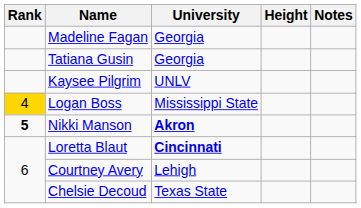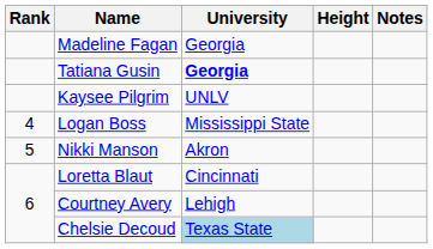 <table class="wikitable sortable" style="text-align:center">
 <tr>
 <th>Rank</th>
 <th>Name</th>
 <th>University</th>
 <th>Height</th>
 <th>Notes</th>
 </tr>
 <tr>
 <td></td>
 <td align=left><a href='#'>Madeline Fagan</a></td>
 <td align="left"><a href='#'>Georgia</a></td>
 <td></td>
 <td></td>
 </tr>
 <tr>
 <td></td>
 <td align=left><a href='#'>Tatiana Gusin</a></td>
-<td align=left><a href='#'>Georgia</a></td>
+<td align=left><strong><a href='#'>Georgia</a></strong></td>
 <td></td>
 <td></td>
 </tr>
 <tr>
 <td></td>
 <td align=left><a href='#'>Kaysee Pilgrim</a></td>
 <td align="left"><a href='#'>UNLV</a></td>
 <td></td>
 <td></td>
 </tr>
 <tr>
-<td style="background: gold;">4</td>
+<td>4</td>
 <td align=left><a href='#'>Logan Boss</a></td>
 <td align="left"><a href='#'>Mississippi State</a></td>
 <td></td>
 <td></td>
 </tr>
 <tr>
-<td><strong>5</strong></td>
+<td>5</td>
 <td align=left><a href='#'>Nikki Manson</a></td>
-<td align=left><strong><a href='#'>Akron</a></strong></td>
+<td align=left><a href='#'>Akron</a></td>
 <td></td>
 <td></td>
 </tr>
 <tr>
 <td rowspan=3>6</td>
 <td align=left><a href='#'>Loretta Blaut</a></td>
-<td align="left"><strong><a href='#'>Cincinnati</a></strong></td>
+<td align="left"><a href='#'>Cincinnati</a></td>
 <td></td>
 <td></td>
 </tr>
 <tr>
 <td align=left><a href='#'>Courtney Avery</a></td>
 <td align="left"><a href='#'>Lehigh</a></td>
 <td></td>
 <td></td>
 </tr>
 <tr>
 <td align=left><a href='#'>Chelsie Decoud</a></td>
-<td align="left"><a href='#'>Texas State</a></td>
+<td align="left" style="background: lightblue;"><a href='#'>Texas State</a></td>
 <td></td>
 <td></td>
 </tr>
 </table>
